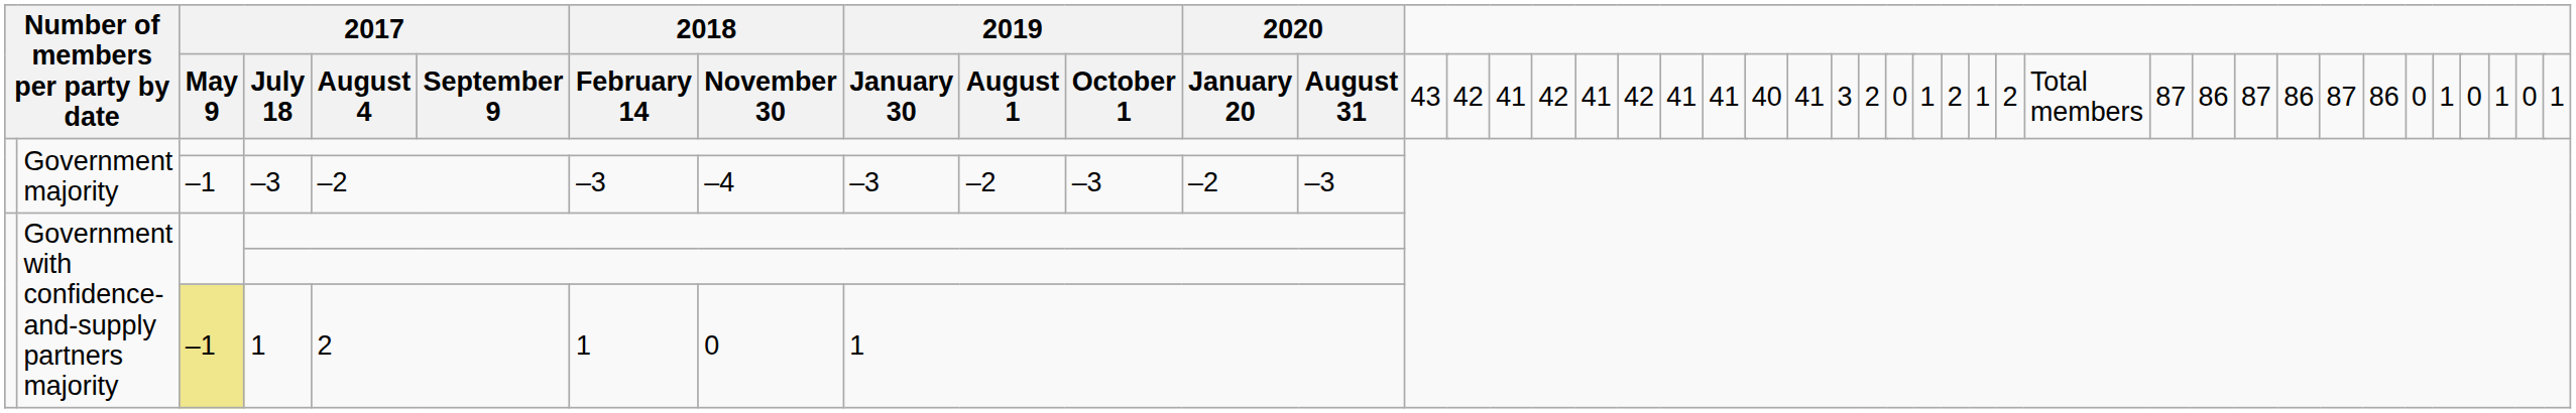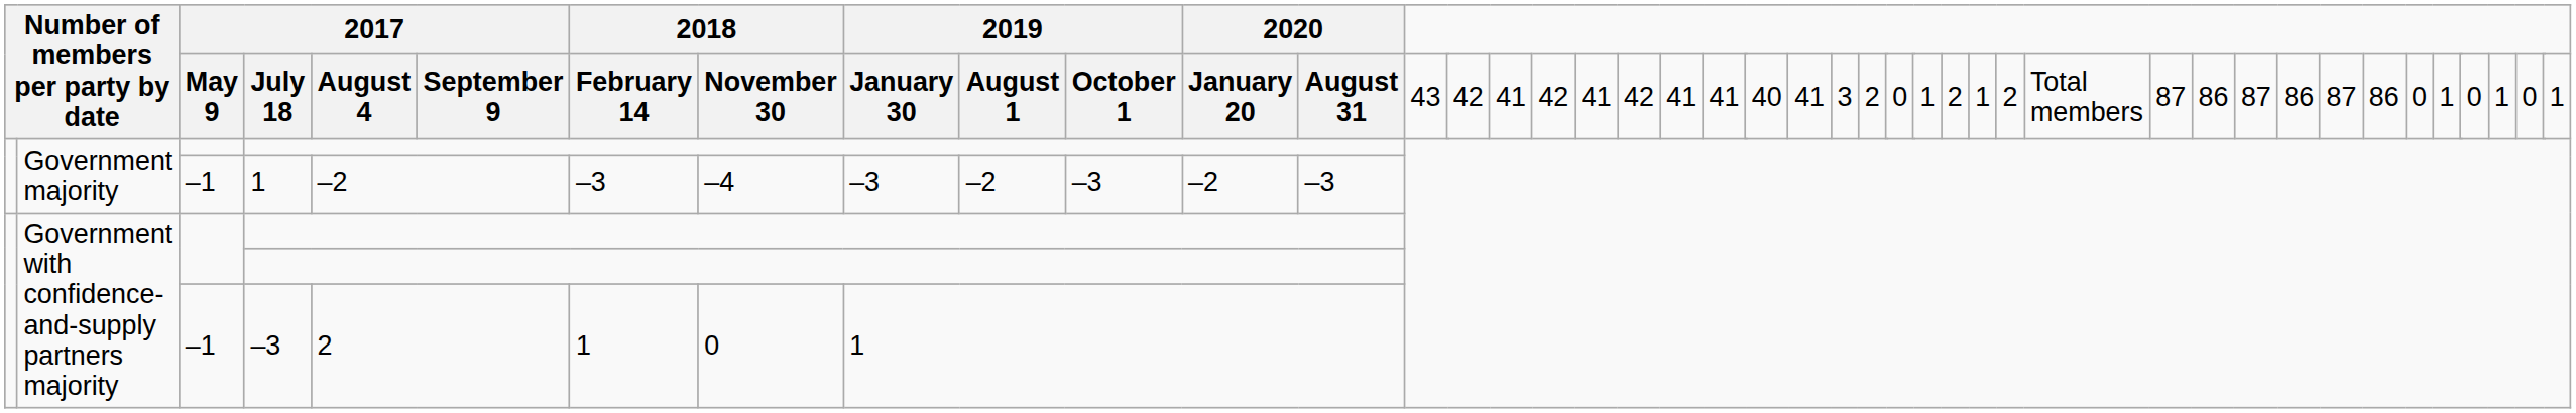 <table class="wikitable">
 <tr>
 <th colspan="2" rowspan="2">Number of members per party by date</th>
 <th colspan="4">2017</th>
 <th colspan="2">2018</th>
 <th colspan="3">2019</th>
 <th colspan="2">2020</th>
 </tr>
 <tr>
 <th>May 9</th>
 <th>July 18</th>
 <th>August 4</th>
 <th>September 9</th>
 <th>February 14</th>
 <th>November 30</th>
 <th>January 30</th>
 <th>August 1</th>
 <th>October 1</th>
 <th>January 20</th>
 <th>August 31<br></th>
 <td colspan="2">43</td>
 <td>42</td>
 <td>41</td>
 <td colspan="3">42</td>
 <td>41</td>
 <td colspan="2">42</td>
 <td>41<br></td>
 <td colspan="5">41</td>
 <td colspan="1">40</td>
 <td colspan="5">41<br></td>
 <td colspan="9">3</td>
 <td colspan="2">2<br></td>
 <td colspan="3">0</td>
 <td colspan="4">1</td>
 <td colspan="1">2</td>
 <td colspan="1">1</td>
 <td colspan="2">2<br></td>
 <td>Total members</td>
 <td colspan="2">87</td>
 <td colspan="2">86</td>
 <td colspan="1">87</td>
 <td colspan="1">86</td>
 <td colspan="4">87</td>
 <td colspan="1">86<br></td>
 <td colspan="2">0</td>
 <td colspan="2">1</td>
 <td colspan="1">0</td>
 <td colspan="1">1</td>
 <td colspan="4">0</td>
 <td colspan="1">1</td>
 </tr>
 <tr>
 <td rowspan="2" ></td>
 <td rowspan="2">Government majority</td>
 <td></td>
 <td colspan="10" ></td>
 </tr>
 <tr>
 <td>–1</td>
-<td>–3</td>
+<td>1</td>
 <td colspan="2">–2</td>
 <td colspan="1">–3</td>
 <td colspan="1">–4</td>
 <td colspan="1">–3</td>
 <td colspan="1">–2</td>
 <td colspan="1">–3</td>
 <td colspan="1">–2</td>
 <td colspan="1">–3</td>
 </tr>
 <tr>
 <td rowspan="3" ></td>
 <td rowspan="3">Government with confidence-and-supply partners majority</td>
 <td rowspan="2" ></td>
 <td colspan="10" ></td>
 </tr>
 <tr>
 <td colspan="10" ></td>
 </tr>
 <tr>
-<td style="background: khaki;">–1</td>
-<td>1</td>
+<td>–1</td>
+<td>–3</td>
 <td colspan="2">2</td>
 <td>1</td>
 <td>0</td>
 <td colspan="5">1</td>
 </tr>
 </table>
